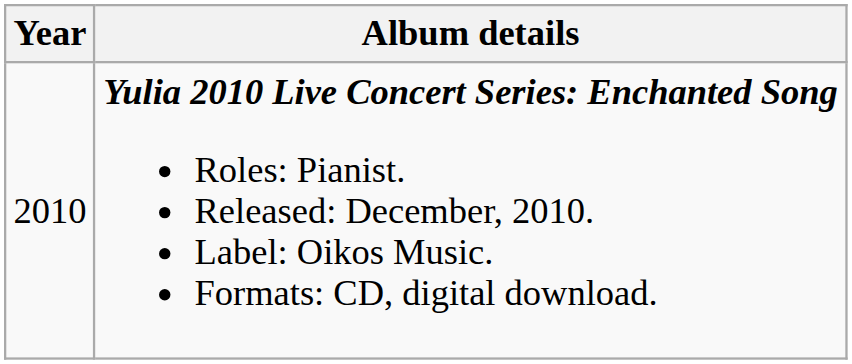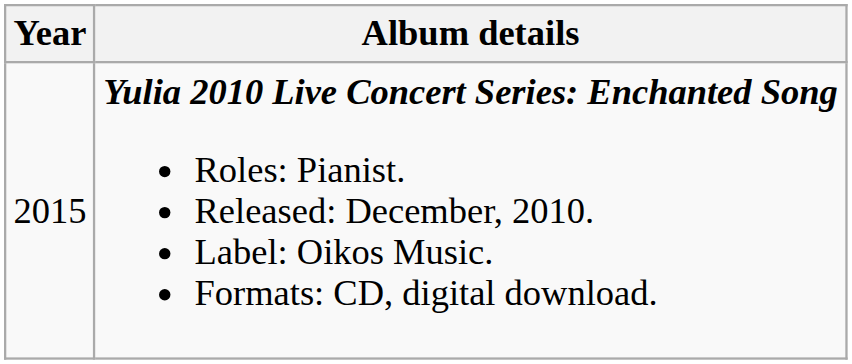 <table class="wikitable" style="text-align:center;">
 <tr>
 <th>Year</th>
 <th>Album details</th>
 </tr>
 <tr>
-<td>2010</td>
+<td>2015</td>
 <td align="left"><strong><em>Yulia 2010 Live Concert Series: Enchanted Song</em></strong><br><ul><li>Roles: Pianist.</li><li>Released: December, 2010.</li><li>Label: Oikos Music.</li><li>Formats: CD, digital download.</li></ul></td>
 </tr>
 </table>
